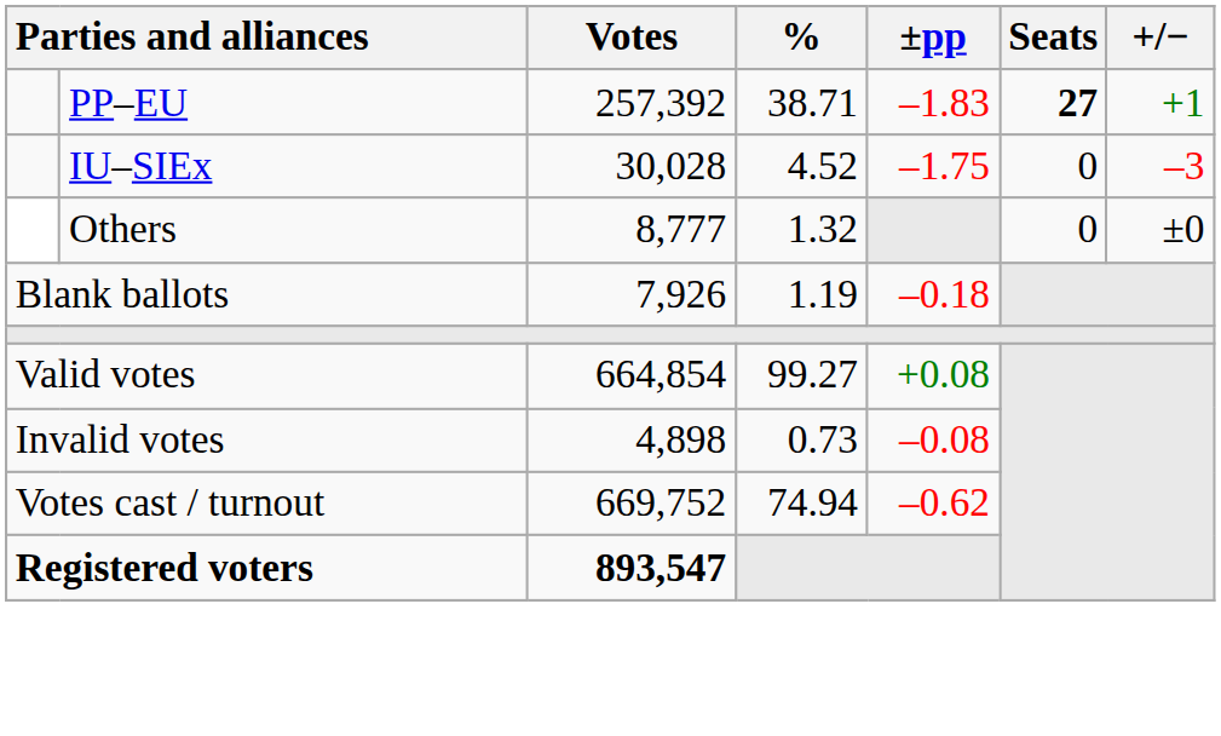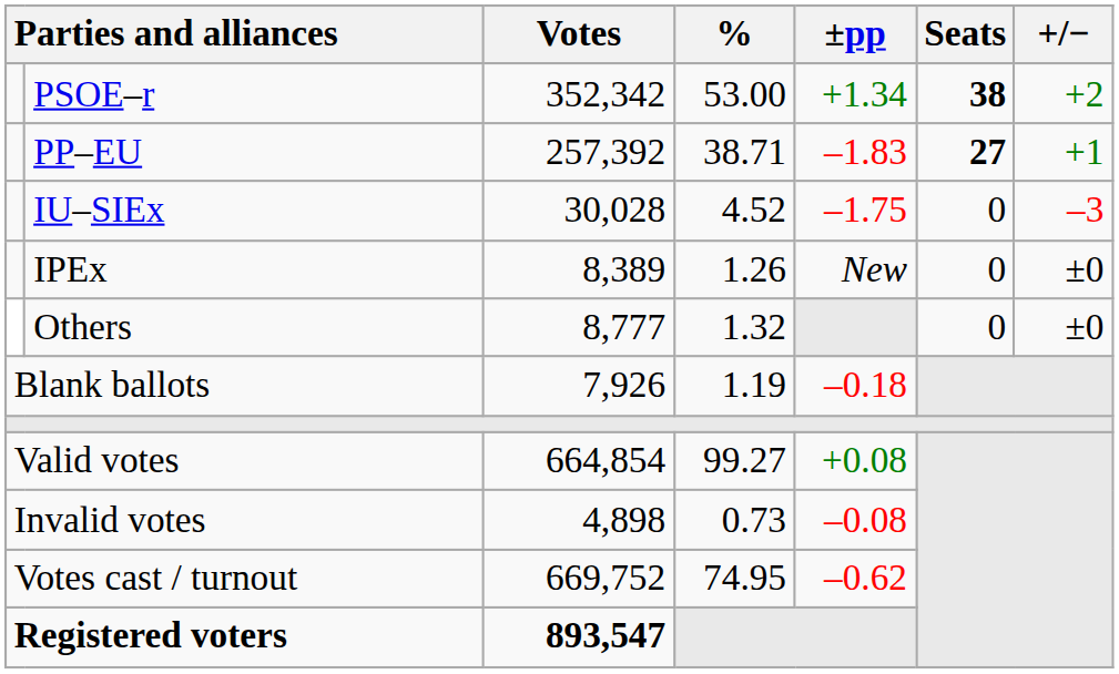 <table class="wikitable" style="text-align:right;">
 <tr>
 <th style="text-align:left;" colspan="2" width="200">Parties and alliances</th>
 <th width="75">Votes</th>
 <th width="45">%</th>
 <th width="45">±<a href='#'>pp</a></th>
 <th width="35">Seats</th>
 <th width="35">+/−</th>
+</tr>
+<tr>
+<td width="1" style="color:inherit;background:"></td>
+<td align="left"><a href='#'>PSOE</a>–<a href='#'>r</a></td>
+<td>352,342</td>
+<td>53.00</td>
+<td style="color:green;">+1.34</td>
+<td><strong>38</strong></td>
+<td style="color:green;">+2</td>
 </tr>
 <tr>
 <td style="color:inherit;background:"></td>
 <td align="left"><a href='#'>PP</a>–<a href='#'>EU</a></td>
 <td>257,392</td>
 <td>38.71</td>
 <td style="color:red;">–1.83</td>
 <td><strong>27</strong></td>
 <td style="color:green;">+1</td>
 </tr>
 <tr>
 <td style="color:inherit;background:"></td>
 <td align="left"><a href='#'>IU</a>–<a href='#'>SIEx</a></td>
 <td>30,028</td>
 <td>4.52</td>
 <td style="color:red;">–1.75</td>
 <td>0</td>
 <td style="color:red;">–3</td>
+</tr>
+<tr>
+<td style="color:inherit;background:"></td>
+<td align="left">IPEx</td>
+<td>8,389</td>
+<td>1.26</td>
+<td><em>New</em></td>
+<td>0</td>
+<td>±0</td>
 </tr>
 <tr>
 <td bgcolor="white"></td>
 <td align="left">Others</td>
 <td>8,777</td>
 <td>1.32</td>
 <td bgcolor="#E9E9E9"></td>
 <td>0</td>
 <td>±0</td>
 </tr>
 <tr>
 <td align="left" colspan="2">Blank ballots</td>
 <td>7,926</td>
 <td>1.19</td>
 <td style="color:red;">–0.18</td>
 <td bgcolor="#E9E9E9" colspan="2"></td>
 </tr>
 <tr>
 <td colspan="7" bgcolor="#E9E9E9"></td>
 </tr>
 <tr>
 <td align="left" colspan="2">Valid votes</td>
 <td>664,854</td>
 <td>99.27</td>
 <td style="color:green;">+0.08</td>
 <td bgcolor="#E9E9E9" colspan="2" rowspan="4"></td>
 </tr>
 <tr>
 <td align="left" colspan="2">Invalid votes</td>
 <td>4,898</td>
 <td>0.73</td>
 <td style="color:red;">–0.08</td>
 </tr>
 <tr>
 <td align="left" colspan="2">Votes cast / turnout</td>
 <td>669,752</td>
-<td>74.94</td>
+<td>74.95</td>
 <td style="color:red;">–0.62</td>
 </tr>
 <tr style="font-weight:bold;">
 <td align="left" colspan="2">Registered voters</td>
 <td>893,547</td>
 <td bgcolor="#E9E9E9" colspan="2"></td>
 </tr>
 </table>
